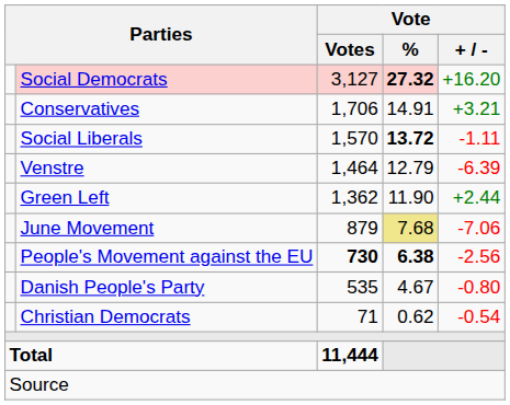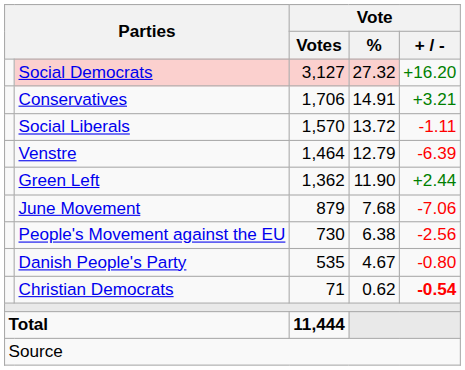 <table class="wikitable" style="text-align:right;">
 <tr>
 <th style="text-align:centre;" rowspan="2" colspan="2" width="225">Parties</th>
 <th colspan="3">Vote</th>
 </tr>
 <tr>
 <th width="15">Votes</th>
 <th width="15">%</th>
 <th width="15">+ / -</th>
 </tr>
 <tr>
 <td width="2" style="color:inherit;background:"></td>
 <td bgcolor=#fbd0ce   align="left"><a href='#'>Social Democrats</a></td>
 <td bgcolor=#fbd0ce>3,127</td>
-<td bgcolor=#fbd0ce><strong>27.32</strong></td>
+<td bgcolor=#fbd0ce>27.32</td>
 <td style=color:green;>+16.20</td>
 </tr>
 <tr>
 <td width="2" style="color:inherit;background:"></td>
 <td align="left"><a href='#'>Conservatives</a></td>
 <td>1,706</td>
 <td>14.91</td>
 <td style=color:green;>+3.21</td>
 </tr>
 <tr>
 <td width="2" style="color:inherit;background:"></td>
 <td align="left"><a href='#'>Social Liberals</a></td>
 <td>1,570</td>
-<td><strong>13.72</strong></td>
+<td>13.72</td>
 <td style=color:red;>-1.11</td>
 </tr>
 <tr>
 <td width="2" style="color:inherit;background:"></td>
 <td align="left"><a href='#'>Venstre</a></td>
 <td>1,464</td>
 <td>12.79</td>
 <td style=color:red;>-6.39</td>
 </tr>
 <tr>
 <td width="2" style="color:inherit;background:"></td>
 <td align="left"><a href='#'>Green Left</a></td>
 <td>1,362</td>
 <td>11.90</td>
 <td style=color:green;>+2.44</td>
 </tr>
 <tr>
 <td width="2" style="color:inherit;background:"></td>
 <td align="left"><a href='#'>June Movement</a></td>
 <td>879</td>
-<td style="background: khaki;">7.68</td>
+<td>7.68</td>
 <td style=color:red;>-7.06</td>
 </tr>
 <tr>
 <td width="2" style="color:inherit;background:"></td>
 <td align="left"><a href='#'>People's Movement against the EU</a></td>
-<td><strong>730</strong></td>
-<td><strong>6.38</strong></td>
+<td>730</td>
+<td>6.38</td>
 <td style=color:red;>-2.56</td>
 </tr>
 <tr>
 <td width="2" style="color:inherit;background:"></td>
 <td align="left"><a href='#'>Danish People's Party</a></td>
 <td>535</td>
 <td>4.67</td>
 <td style=color:red;>-0.80</td>
 </tr>
 <tr>
 <td width="2" style="color:inherit;background:"></td>
 <td align="left"><a href='#'>Christian Democrats</a></td>
 <td>71</td>
 <td>0.62</td>
-<td style=color:red;>-0.54</td>
+<td style=color:red;><strong>-0.54</strong></td>
 </tr>
 <tr>
 <td colspan="7" bgcolor="#E9E9E9"></td>
 </tr>
 <tr>
 <td align="left" colspan="2"><strong>Total</strong></td>
 <td><strong>11,444</strong></td>
 <td bgcolor="#E9E9E9" colspan="2"></td>
 </tr>
 <tr>
 <td align="left" colspan="6">Source</td>
 </tr>
 </table>
